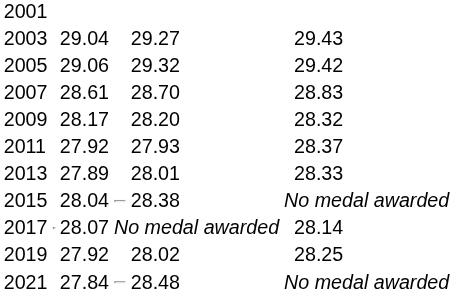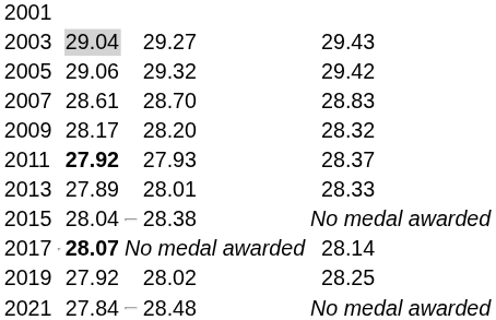 <table>
 <tr>
 <td>2001</td>
 <td></td>
 <td></td>
 <td></td>
 <td></td>
 <td></td>
 <td></td>
 </tr>
 <tr>
 <td>2003</td>
 <td></td>
-<td>29.04</td>
+<td style="background: lightgrey;">29.04</td>
 <td></td>
 <td>29.27</td>
 <td></td>
 <td>29.43</td>
 </tr>
 <tr>
 <td>2005</td>
 <td></td>
 <td>29.06</td>
 <td></td>
 <td>29.32</td>
 <td></td>
 <td>29.42</td>
 </tr>
 <tr>
 <td>2007</td>
 <td></td>
 <td>28.61</td>
 <td></td>
 <td>28.70</td>
 <td></td>
 <td>28.83</td>
 </tr>
 <tr>
 <td>2009</td>
 <td></td>
 <td>28.17</td>
 <td></td>
 <td>28.20</td>
 <td></td>
 <td>28.32</td>
 </tr>
 <tr>
 <td>2011</td>
 <td></td>
-<td>27.92</td>
+<td><strong>27.92</strong></td>
 <td></td>
 <td>27.93</td>
 <td></td>
 <td>28.37</td>
 </tr>
 <tr>
 <td>2013</td>
 <td></td>
 <td>27.89</td>
 <td></td>
 <td>28.01</td>
 <td></td>
 <td>28.33</td>
 </tr>
 <tr>
 <td>2015</td>
 <td></td>
 <td>28.04</td>
 <td><hr></td>
 <td>28.38</td>
 <td colspan=2><em>No medal awarded</em></td>
 </tr>
 <tr>
 <td>2017</td>
 <td><hr></td>
-<td>28.07</td>
+<td><strong>28.07</strong></td>
 <td colspan=2><em>No medal awarded</em></td>
 <td></td>
 <td>28.14</td>
 </tr>
 <tr>
 <td>2019</td>
 <td></td>
 <td>27.92</td>
 <td></td>
 <td>28.02</td>
 <td></td>
 <td>28.25</td>
 </tr>
 <tr>
 <td>2021</td>
 <td></td>
 <td>27.84</td>
 <td><hr></td>
 <td>28.48</td>
 <td colspan=2><em>No medal awarded</em></td>
 </tr>
 </table>
